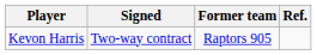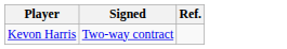 <table class="wikitable sortable sortable" style="text-align: center">
 <tr>
 <th>Player</th>
 <th>Signed</th>
-<th>Former team</th>
 <th>Ref.</th>
 </tr>
 <tr>
 <td><a href='#'>Kevon Harris</a></td>
 <td><a href='#'>Two-way contract</a></td>
-<td><a href='#'>Raptors 905</a></td>
 <td></td>
 </tr>
 </table>
